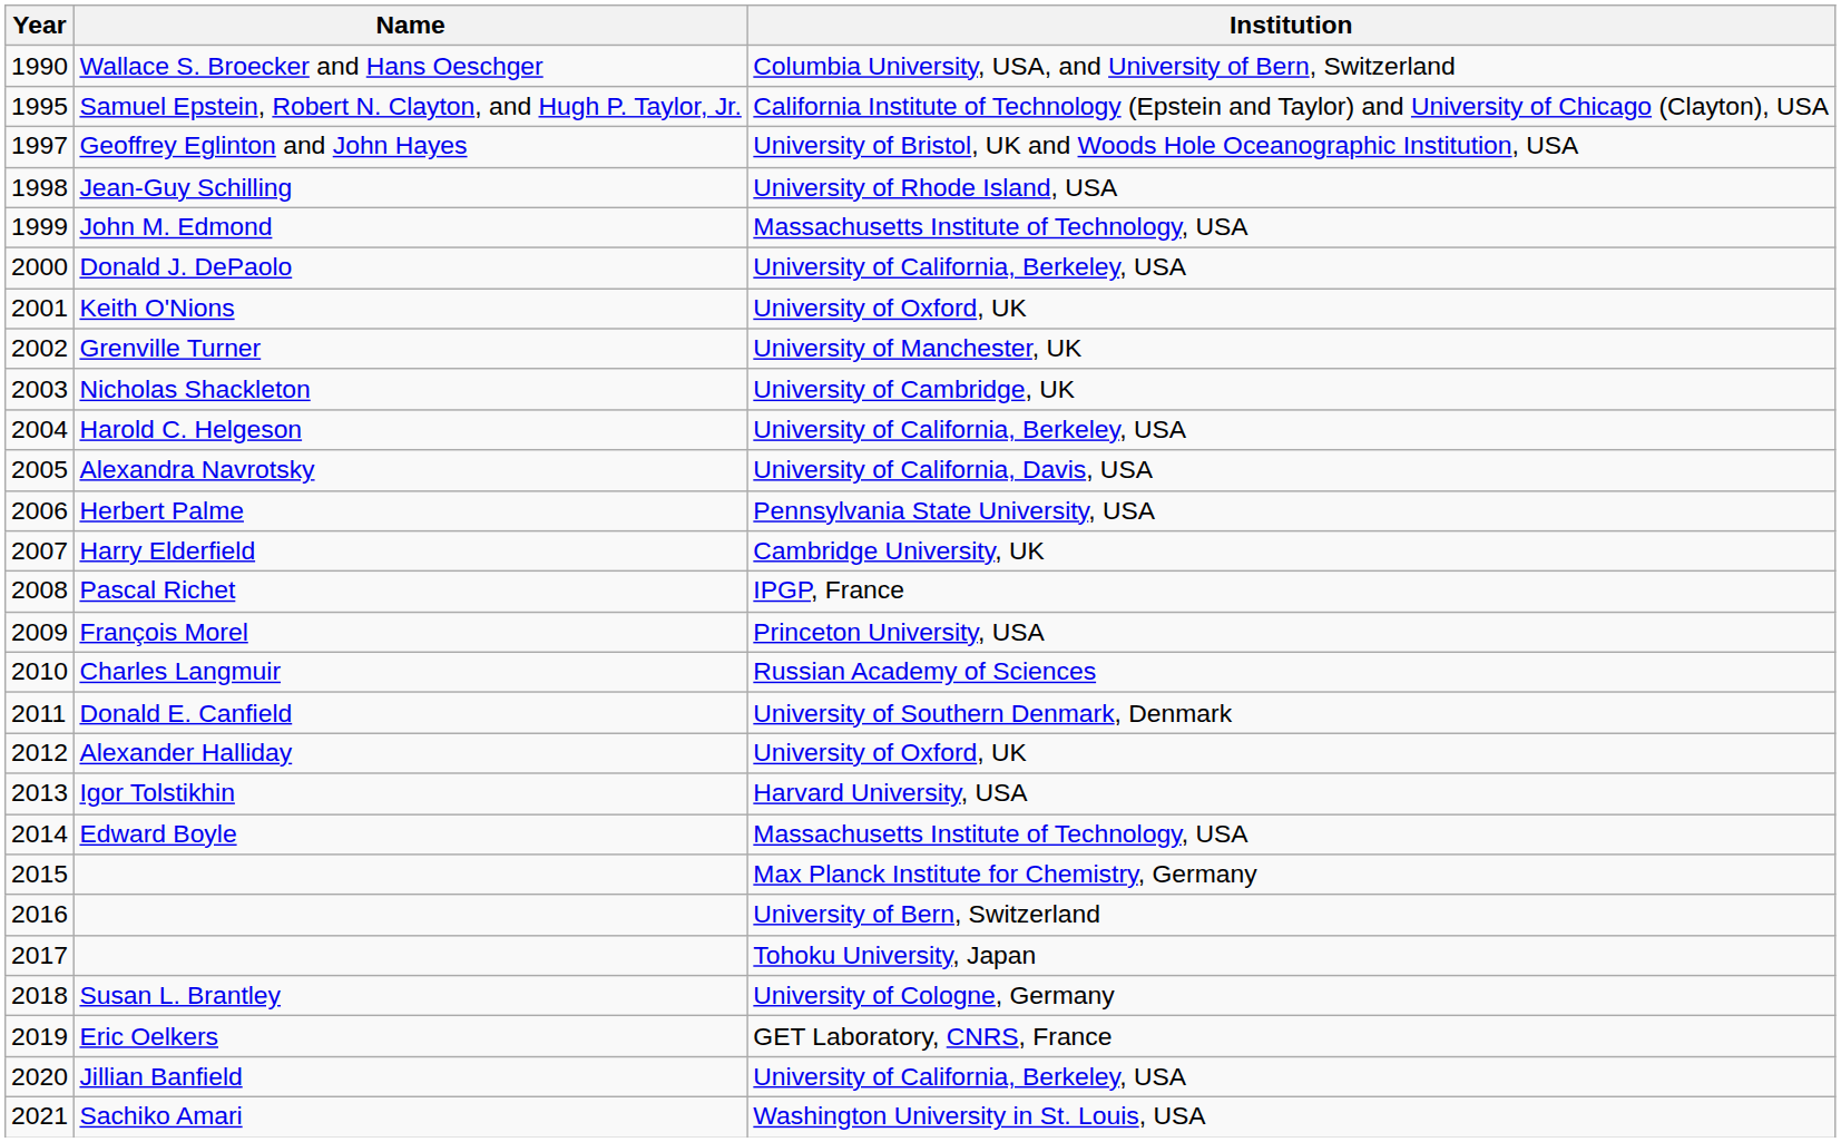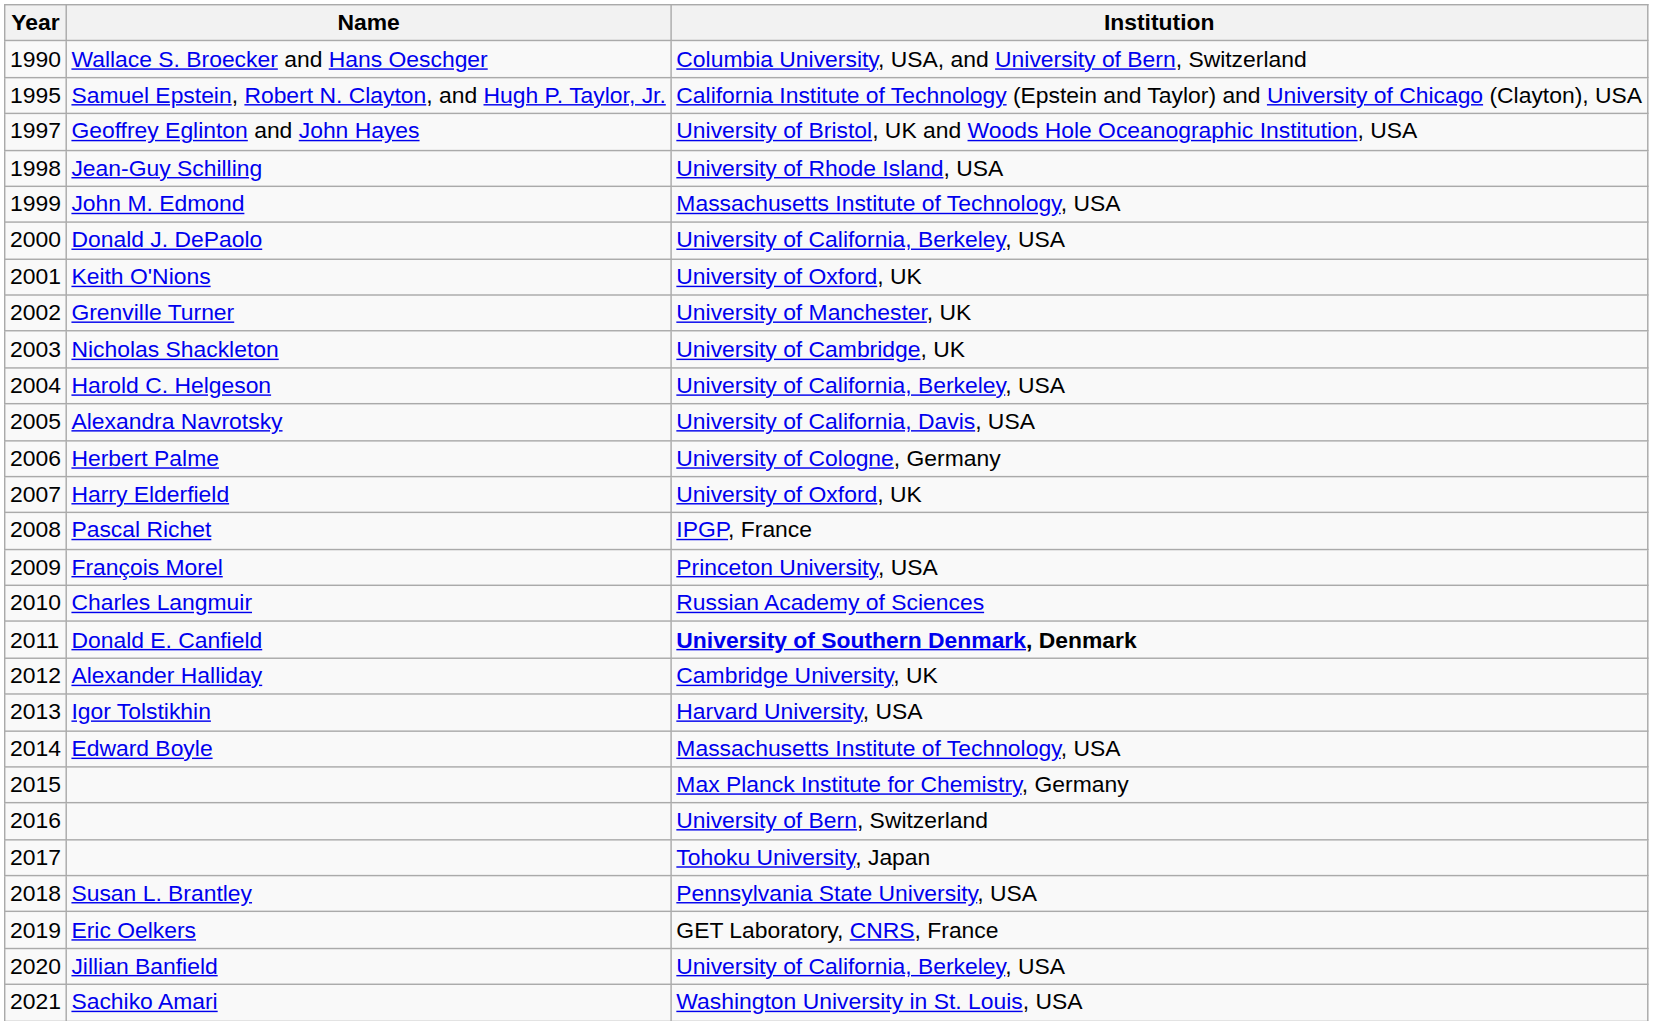 <table class="wikitable" align=center>
 <tr>
 <th>Year</th>
 <th>Name</th>
 <th>Institution</th>
 </tr>
 <tr>
 <td>1990</td>
 <td><a href='#'>Wallace S. Broecker</a> and <a href='#'>Hans Oeschger</a></td>
 <td><a href='#'>Columbia University</a>, USA, and <a href='#'>University of Bern</a>, Switzerland</td>
 </tr>
 <tr>
 <td>1995</td>
 <td><a href='#'>Samuel Epstein</a>, <a href='#'>Robert N. Clayton</a>, and <a href='#'>Hugh P. Taylor, Jr.</a></td>
 <td><a href='#'>California Institute of Technology</a> (Epstein and Taylor) and <a href='#'>University of Chicago</a> (Clayton), USA</td>
 </tr>
 <tr>
 <td>1997</td>
 <td><a href='#'>Geoffrey Eglinton</a> and <a href='#'>John Hayes</a></td>
 <td><a href='#'>University of Bristol</a>, UK and <a href='#'>Woods Hole Oceanographic Institution</a>, USA</td>
 </tr>
 <tr>
 <td>1998</td>
 <td><a href='#'>Jean-Guy Schilling</a></td>
 <td><a href='#'>University of Rhode Island</a>, USA</td>
 </tr>
 <tr>
 <td>1999</td>
 <td><a href='#'>John M. Edmond</a></td>
 <td><a href='#'>Massachusetts Institute of Technology</a>, USA</td>
 </tr>
 <tr>
 <td>2000</td>
 <td><a href='#'>Donald J. DePaolo</a></td>
 <td><a href='#'>University of California, Berkeley</a>, USA</td>
 </tr>
 <tr>
 <td>2001</td>
 <td><a href='#'>Keith O'Nions</a></td>
 <td><a href='#'>University of Oxford</a>, UK</td>
 </tr>
 <tr>
 <td>2002</td>
 <td><a href='#'>Grenville Turner</a></td>
 <td><a href='#'>University of Manchester</a>, UK</td>
 </tr>
 <tr>
 <td>2003</td>
 <td><a href='#'>Nicholas Shackleton</a></td>
 <td><a href='#'>University of Cambridge</a>, UK</td>
 </tr>
 <tr>
 <td>2004</td>
 <td><a href='#'>Harold C. Helgeson</a></td>
 <td><a href='#'>University of California, Berkeley</a>, USA</td>
 </tr>
 <tr>
 <td>2005</td>
 <td><a href='#'>Alexandra Navrotsky</a></td>
 <td><a href='#'>University of California, Davis</a>, USA</td>
 </tr>
 <tr>
 <td>2006</td>
 <td><a href='#'>Herbert Palme</a></td>
-<td><a href='#'>Pennsylvania State University</a>, USA</td>
+<td><a href='#'>University of Cologne</a>, Germany</td>
 </tr>
 <tr>
 <td>2007</td>
 <td><a href='#'>Harry Elderfield</a></td>
-<td><a href='#'>Cambridge University</a>, UK</td>
+<td><a href='#'>University of Oxford</a>, UK</td>
 </tr>
 <tr>
 <td>2008</td>
 <td><a href='#'>Pascal Richet</a></td>
 <td><a href='#'>IPGP</a>, France</td>
 </tr>
 <tr>
 <td>2009</td>
 <td><a href='#'>François Morel</a></td>
 <td><a href='#'>Princeton University</a>, USA</td>
 </tr>
 <tr>
 <td>2010</td>
 <td><a href='#'>Charles Langmuir</a></td>
 <td><a href='#'>Russian Academy of Sciences</a></td>
 </tr>
 <tr>
 <td>2011</td>
 <td><a href='#'>Donald E. Canfield</a></td>
-<td><a href='#'>University of Southern Denmark</a>, Denmark</td>
+<td><strong><a href='#'>University of Southern Denmark</a>, Denmark</strong></td>
 </tr>
 <tr>
 <td>2012</td>
 <td><a href='#'>Alexander Halliday</a></td>
-<td><a href='#'>University of Oxford</a>, UK</td>
+<td><a href='#'>Cambridge University</a>, UK</td>
 </tr>
 <tr>
 <td>2013</td>
 <td><a href='#'>Igor Tolstikhin</a></td>
 <td><a href='#'>Harvard University</a>, USA</td>
 </tr>
 <tr>
 <td>2014</td>
 <td><a href='#'>Edward Boyle</a></td>
 <td><a href='#'>Massachusetts Institute of Technology</a>, USA</td>
 </tr>
 <tr>
 <td>2015</td>
 <td></td>
 <td><a href='#'>Max Planck Institute for Chemistry</a>, Germany</td>
 </tr>
 <tr>
 <td>2016</td>
 <td></td>
 <td><a href='#'>University of Bern</a>, Switzerland</td>
 </tr>
 <tr>
 <td>2017</td>
 <td></td>
 <td><a href='#'>Tohoku University</a>, Japan</td>
 </tr>
 <tr>
 <td>2018</td>
 <td><a href='#'>Susan L. Brantley</a></td>
-<td><a href='#'>University of Cologne</a>, Germany</td>
+<td><a href='#'>Pennsylvania State University</a>, USA</td>
 </tr>
 <tr>
 <td>2019</td>
 <td><a href='#'>Eric Oelkers</a></td>
 <td>GET Laboratory, <a href='#'>CNRS</a>, France</td>
 </tr>
 <tr>
 <td>2020</td>
 <td><a href='#'>Jillian Banfield</a></td>
 <td><a href='#'>University of California, Berkeley</a>, USA</td>
 </tr>
 <tr>
 <td>2021</td>
 <td><a href='#'>Sachiko Amari</a></td>
 <td><a href='#'>Washington University in St. Louis</a>, USA</td>
 </tr>
 </table>
